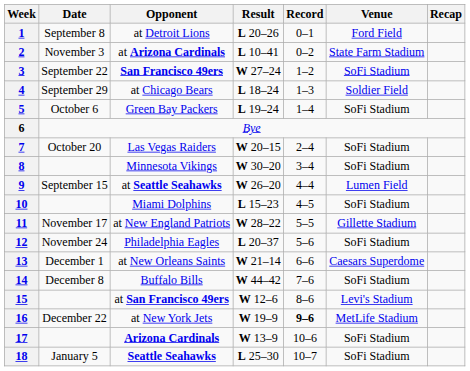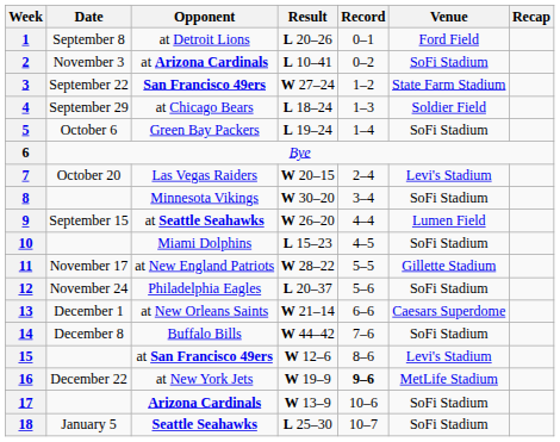 <table class="wikitable" style="text-align:center">
 <tr>
 <th>Week</th>
 <th>Date</th>
 <th>Opponent</th>
 <th>Result</th>
 <th>Record</th>
 <th>Venue</th>
 <th>Recap</th>
 </tr>
 <tr>
 <th><a href='#'>1</a></th>
 <td>September 8</td>
 <td>at <a href='#'>Detroit Lions</a></td>
 <td><strong>L</strong> 20–26 </td>
 <td>0–1</td>
 <td><a href='#'>Ford Field</a></td>
 <td></td>
 </tr>
 <tr>
 <th><a href='#'>2</a></th>
 <td>November 3</td>
 <td>at <strong><a href='#'>Arizona Cardinals</a></strong></td>
 <td><strong>L</strong> 10–41</td>
 <td>0–2</td>
-<td><a href='#'>State Farm Stadium</a></td>
+<td><a href='#'>SoFi Stadium</a></td>
 <td></td>
 </tr>
 <tr>
 <th><a href='#'>3</a></th>
 <td>September 22</td>
 <td><strong><a href='#'>San Francisco 49ers</a></strong></td>
 <td><strong>W</strong> 27–24</td>
 <td>1–2</td>
-<td><a href='#'>SoFi Stadium</a></td>
+<td><a href='#'>State Farm Stadium</a></td>
 <td></td>
 </tr>
 <tr>
 <th><a href='#'>4</a></th>
 <td>September 29</td>
 <td>at <a href='#'>Chicago Bears</a></td>
 <td><strong>L</strong> 18–24</td>
 <td>1–3</td>
 <td><a href='#'>Soldier Field</a></td>
 <td></td>
 </tr>
 <tr>
 <th><a href='#'>5</a></th>
 <td>October 6</td>
 <td><a href='#'>Green Bay Packers</a></td>
 <td><strong>L</strong> 19–24</td>
 <td>1–4</td>
 <td>SoFi Stadium</td>
 <td></td>
 </tr>
 <tr>
 <th>6</th>
 <td colspan="6"><em><a href='#'>Bye</a></em></td>
 </tr>
 <tr>
 <th><a href='#'>7</a></th>
 <td>October 20</td>
 <td><a href='#'>Las Vegas Raiders</a></td>
 <td><strong>W</strong> 20–15</td>
 <td>2–4</td>
-<td>SoFi Stadium</td>
+<td><a href='#'>Levi's Stadium</a></td>
 <td></td>
 </tr>
 <tr>
 <th><a href='#'>8</a></th>
 <td></td>
 <td><a href='#'>Minnesota Vikings</a></td>
 <td><strong>W</strong> 30–20</td>
 <td>3–4</td>
 <td>SoFi Stadium</td>
 <td></td>
 </tr>
 <tr>
 <th><a href='#'>9</a></th>
 <td>September 15</td>
 <td>at <strong><a href='#'>Seattle Seahawks</a></strong></td>
 <td><strong>W</strong> 26–20 </td>
 <td>4–4</td>
 <td><a href='#'>Lumen Field</a></td>
 <td></td>
 </tr>
 <tr>
 <th><a href='#'>10</a></th>
 <td></td>
 <td><a href='#'>Miami Dolphins</a></td>
 <td><strong>L</strong> 15–23</td>
 <td>4–5</td>
 <td>SoFi Stadium</td>
 <td></td>
 </tr>
 <tr>
 <th><a href='#'>11</a></th>
 <td>November 17</td>
 <td>at <a href='#'>New England Patriots</a></td>
 <td><strong>W</strong> 28–22</td>
 <td>5–5</td>
 <td><a href='#'>Gillette Stadium</a></td>
 <td></td>
 </tr>
 <tr>
 <th><a href='#'>12</a></th>
 <td>November 24</td>
 <td><a href='#'>Philadelphia Eagles</a></td>
 <td><strong>L</strong> 20–37</td>
 <td>5–6</td>
 <td>SoFi Stadium</td>
 <td></td>
 </tr>
 <tr>
 <th><a href='#'>13</a></th>
 <td>December 1</td>
 <td>at <a href='#'>New Orleans Saints</a></td>
 <td><strong>W</strong> 21–14</td>
 <td>6–6</td>
 <td><a href='#'>Caesars Superdome</a></td>
 <td></td>
 </tr>
 <tr>
 <th><a href='#'>14</a></th>
 <td>December 8</td>
 <td><a href='#'>Buffalo Bills</a></td>
 <td><strong>W</strong> 44–42</td>
 <td>7–6</td>
 <td>SoFi Stadium</td>
 <td></td>
 </tr>
 <tr>
 <th><a href='#'>15</a></th>
 <td></td>
 <td>at <strong><a href='#'>San Francisco 49ers</a></strong></td>
 <td><strong>W</strong> 12–6</td>
 <td>8–6</td>
 <td><a href='#'>Levi's Stadium</a></td>
 <td></td>
 </tr>
 <tr>
 <th><a href='#'>16</a></th>
 <td>December 22</td>
 <td>at <a href='#'>New York Jets</a></td>
 <td><strong>W</strong> 19–9</td>
 <td><strong>9–6</strong></td>
 <td><a href='#'>MetLife Stadium</a></td>
 <td></td>
 </tr>
 <tr>
 <th><a href='#'>17</a></th>
 <td></td>
 <td><strong><a href='#'>Arizona Cardinals</a></strong></td>
 <td><strong>W</strong> 13–9</td>
 <td>10–6</td>
 <td>SoFi Stadium</td>
 <td></td>
 </tr>
 <tr>
 <th><a href='#'>18</a></th>
 <td>January 5</td>
 <td><strong><a href='#'>Seattle Seahawks</a></strong></td>
 <td><strong>L</strong> 25–30</td>
 <td>10–7</td>
 <td>SoFi Stadium</td>
 <td></td>
 </tr>
 </table>
